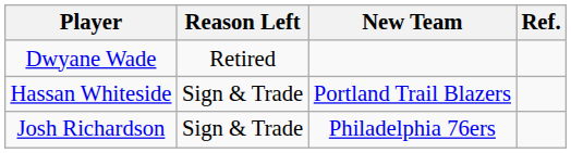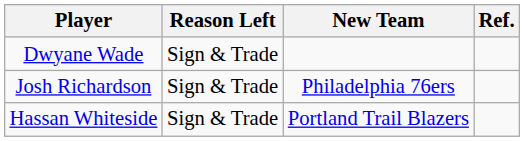 <table class="wikitable sortable sortable" style="text-align: center;">
 <tr>
 <th>Player</th>
 <th>Reason Left</th>
 <th>New Team</th>
 <th>Ref.</th>
 </tr>
 <tr>
 <td><a href='#'>Dwyane Wade</a></td>
-<td>Retired</td>
+<td>Sign & Trade</td>
 <td></td>
+<td></td>
+</tr>
+<tr>
+<td><a href='#'>Josh Richardson</a></td>
+<td>Sign & Trade</td>
+<td><a href='#'>Philadelphia 76ers</a></td>
 <td></td>
 </tr>
 <tr>
 <td><a href='#'>Hassan Whiteside</a></td>
 <td>Sign & Trade</td>
 <td><a href='#'>Portland Trail Blazers</a></td>
 <td></td>
 </tr>
-<tr>
-<td><a href='#'>Josh Richardson</a></td>
-<td>Sign & Trade</td>
-<td><a href='#'>Philadelphia 76ers</a></td>
-<td></td>
-</tr>
 </table>
